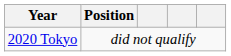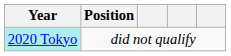 <table class="wikitable" style="text-align: center;">
 <tr>
 <th>Year</th>
 <th>Position</th>
 <th width=25px></th>
 <th width=25px></th>
 <th width=25px></th>
 </tr>
 <tr>
-<td style="text-align: left;"> <a href='#'>2020 Tokyo</a></td>
+<td style="background: paleturquoise; text-align: left;"> <a href='#'>2020 Tokyo</a></td>
 <td colspan=4><em>did not qualify</em></td>
 </tr>
 </table>
